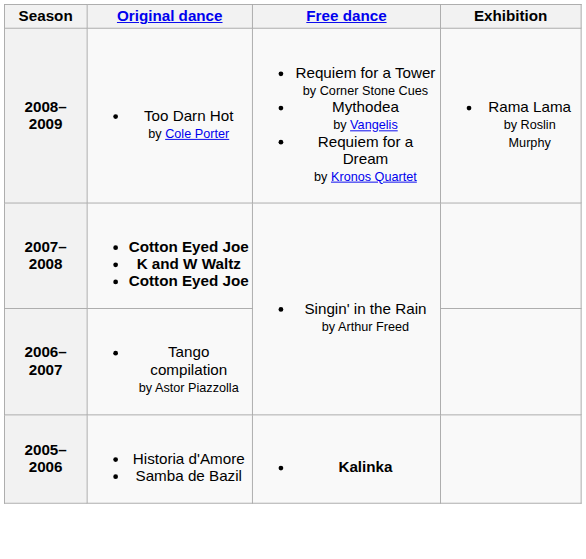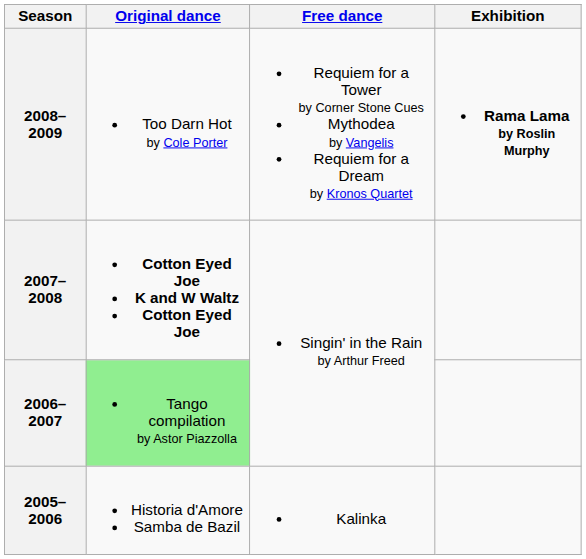 <table class="wikitable" style="text-align:center">
 <tr>
 <th>Season</th>
 <th><a href='#'>Original dance</a></th>
 <th><a href='#'>Free dance</a></th>
 <th>Exhibition</th>
 </tr>
 <tr>
 <th>2008–2009 <br> </th>
 <td><br><ul><li>Too Darn Hot <br><small> by <a href='#'>Cole Porter</a> </small></li></ul></td>
 <td><br><ul><li>Requiem for a Tower <br><small> by Corner Stone Cues </small></li><li>Mythodea <br><small> by <a href='#'>Vangelis</a> </small></li><li>Requiem for a Dream <br><small> by <a href='#'>Kronos Quartet</a> </small></li></ul></td>
-<td><br><ul><li>Rama Lama <br><small> by Roslin Murphy </small></li></ul></td>
+<td><strong><br><ul><li>Rama Lama <br><small> by Roslin Murphy </small></li></ul></strong></td>
 </tr>
 <tr>
 <th>2007–2008 <br> </th>
 <td><strong><br><ul><li>Cotton Eyed Joe</li><li>K and W Waltz</li><li>Cotton Eyed Joe</li></ul></strong></td>
 <td rowspan=2><br><ul><li>Singin' in the Rain <br><small> by Arthur Freed </small></li></ul></td>
 <td></td>
 </tr>
 <tr>
 <th>2006–2007 <br> </th>
-<td><br><ul><li>Tango compilation <br><small> by Astor Piazzolla </small></li></ul></td>
+<td style="background: lightgreen;"><br><ul><li>Tango compilation <br><small> by Astor Piazzolla </small></li></ul></td>
 <td></td>
 </tr>
 <tr>
 <th>2005–2006 <br> </th>
 <td><br><ul><li>Historia d'Amore</li><li>Samba de Bazil</li></ul></td>
-<td><strong><br><ul><li>Kalinka</li></ul></strong></td>
+<td><br><ul><li>Kalinka</li></ul></td>
 <td></td>
 </tr>
 </table>
